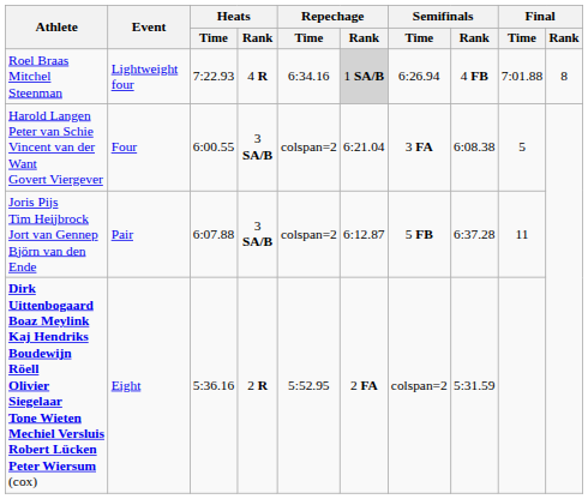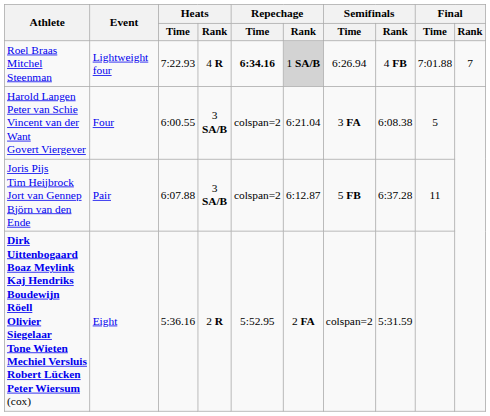 <table class="wikitable" style="font-size:90%">
 <tr>
 <th rowspan="2">Athlete</th>
 <th rowspan="2">Event</th>
 <th colspan="2">Heats</th>
 <th colspan="2">Repechage</th>
 <th colspan="2">Semifinals</th>
 <th colspan="2">Final</th>
 </tr>
 <tr style="font-size:95%">
 <th>Time</th>
 <th>Rank</th>
 <th>Time</th>
 <th>Rank</th>
 <th>Time</th>
 <th>Rank</th>
 <th>Time</th>
 <th>Rank</th>
 </tr>
 <tr align=center>
 <td align=left><a href='#'>Roel Braas</a><br><a href='#'>Mitchel Steenman</a></td>
 <td align=left><a href='#'>Lightweight four</a></td>
 <td>7:22.93</td>
 <td>4 <strong>R</strong></td>
-<td>6:34.16</td>
+<td><strong>6:34.16</strong></td>
 <td style="background: lightgrey;">1 <strong>SA/B</strong></td>
 <td>6:26.94</td>
 <td>4 <strong>FB</strong></td>
 <td>7:01.88</td>
-<td>8</td>
+<td>7</td>
 </tr>
 <tr align=center>
 <td align=left><a href='#'>Harold Langen</a><br><a href='#'>Peter van Schie</a><br><a href='#'>Vincent van der Want</a><br><a href='#'>Govert Viergever</a></td>
 <td align=left><a href='#'>Four</a></td>
 <td>6:00.55</td>
 <td>3 <strong>SA/B</strong></td>
 <td>colspan=2 </td>
 <td>6:21.04</td>
 <td>3 <strong>FA</strong></td>
 <td>6:08.38</td>
 <td>5</td>
 </tr>
 <tr align=center>
 <td align=left><a href='#'>Joris Pijs</a><br><a href='#'>Tim Heijbrock</a><br><a href='#'>Jort van Gennep</a><br><a href='#'>Björn van den Ende</a></td>
 <td align=left><a href='#'>Pair</a></td>
 <td>6:07.88</td>
 <td>3 <strong>SA/B</strong></td>
 <td>colspan=2 </td>
 <td>6:12.87</td>
 <td>5 <strong>FB</strong></td>
 <td>6:37.28</td>
 <td>11</td>
 </tr>
 <tr align=center>
 <td align=left><strong><a href='#'>Dirk Uittenbogaard</a><br><a href='#'>Boaz Meylink</a><br><a href='#'>Kaj Hendriks</a><br><a href='#'>Boudewijn Röell</a><br><a href='#'>Olivier Siegelaar</a><br><a href='#'>Tone Wieten</a><br><a href='#'>Mechiel Versluis</a><br><a href='#'>Robert Lücken</a><br><a href='#'>Peter Wiersum</a></strong> (cox)</td>
 <td align=left><a href='#'>Eight</a></td>
 <td>5:36.16</td>
 <td>2 <strong>R</strong></td>
 <td>5:52.95</td>
 <td>2 <strong>FA</strong></td>
 <td>colspan=2 </td>
 <td>5:31.59</td>
 <td></td>
 </tr>
 </table>
